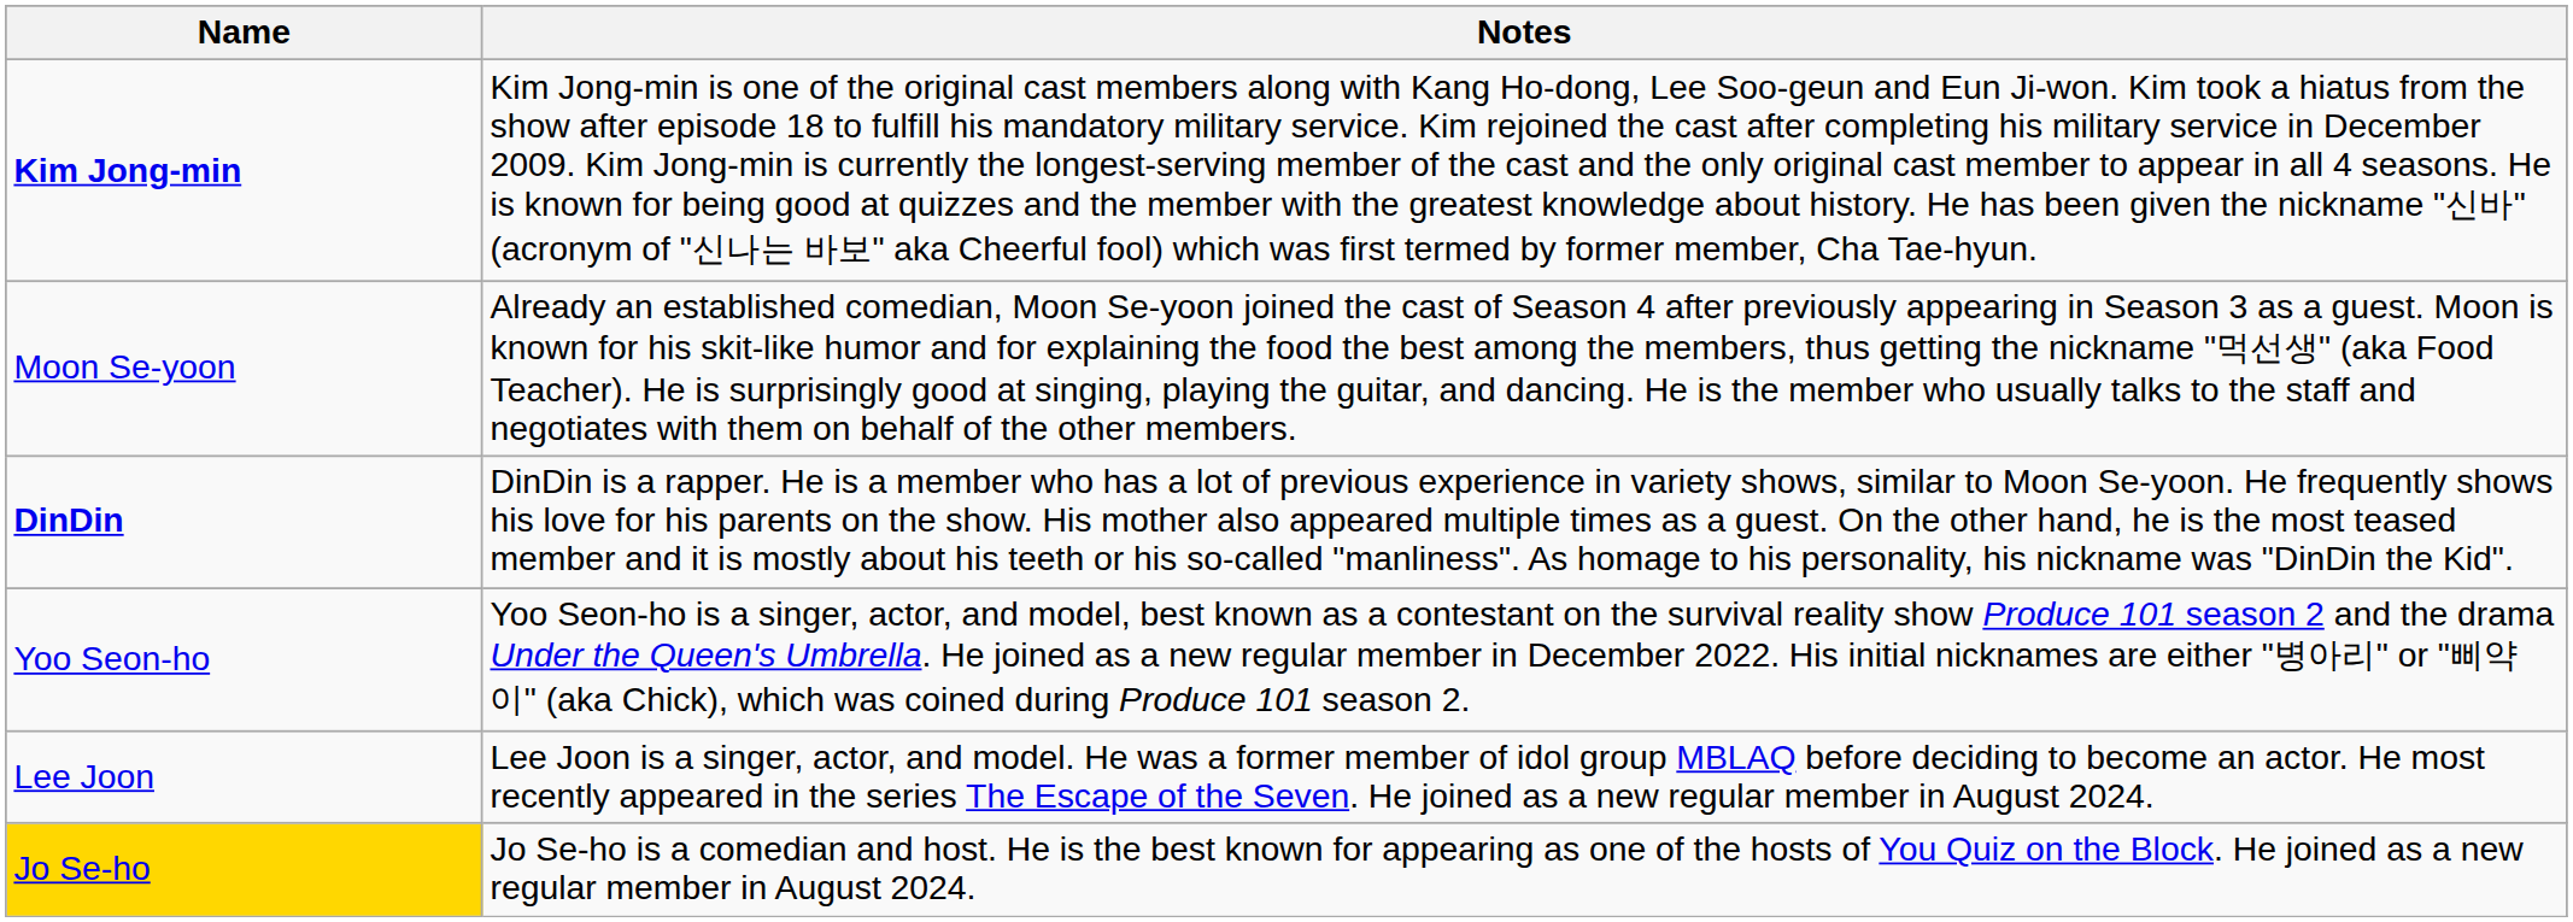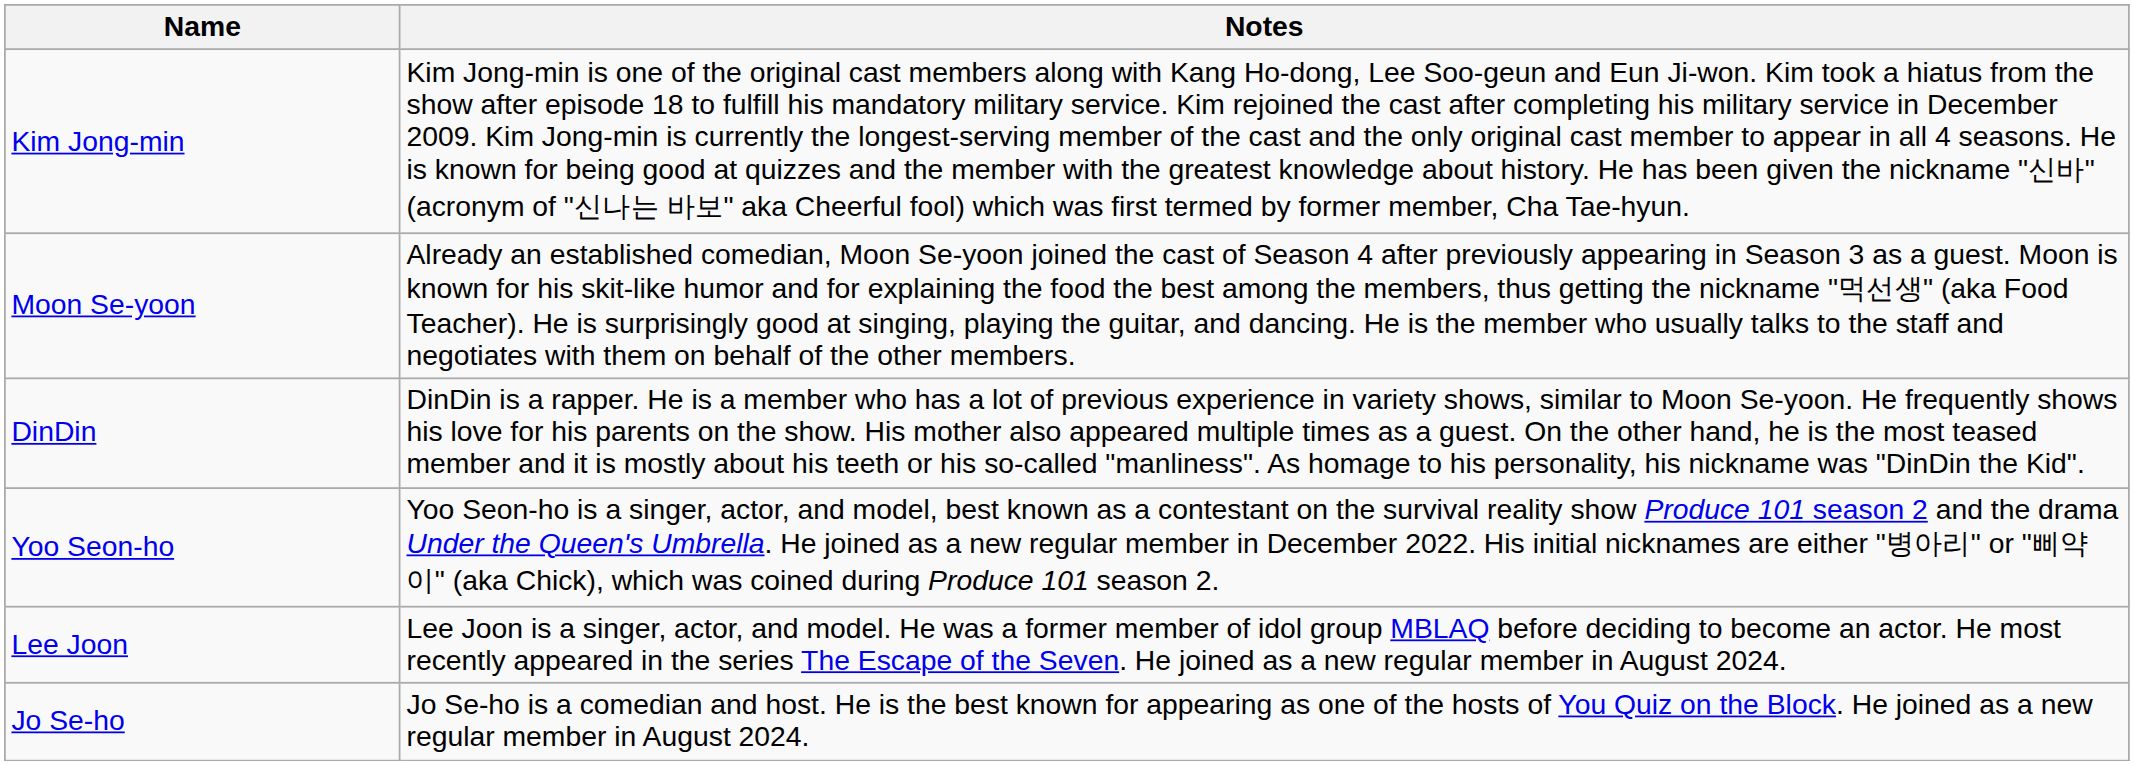 <table class="wikitable sortable" style="width:95%;">
 <tr>
 <th style="width:16%;">Name</th>
 <th style="width:70%;">Notes</th>
 </tr>
 <tr>
-<td scope="row"><strong><a href='#'>Kim Jong-min</a></strong></td>
+<td scope="row"><a href='#'>Kim Jong-min</a></td>
 <td>Kim Jong-min is one of the original cast members along with Kang Ho-dong, Lee Soo-geun and Eun Ji-won. Kim took a hiatus from the show after episode 18 to fulfill his mandatory military service. Kim rejoined the cast after completing his military service in December 2009. Kim Jong-min is currently the longest-serving member of the cast and the only original cast member to appear in all 4 seasons. He is known for being good at quizzes and the member with the greatest knowledge about history. He has been given the nickname "신바" (acronym of "신나는 바보" aka Cheerful fool) which was first termed by former member, Cha Tae-hyun.</td>
 </tr>
 <tr>
 <td scope="row"><a href='#'>Moon Se-yoon</a></td>
 <td>Already an established comedian, Moon Se-yoon joined the cast of Season 4 after previously appearing in Season 3 as a guest. Moon is known for his skit-like humor and for explaining the food the best among the members, thus getting the nickname "먹선생" (aka Food Teacher). He is surprisingly good at singing, playing the guitar, and dancing. He is the member who usually talks to the staff and negotiates with them on behalf of the other members.</td>
 </tr>
 <tr>
-<td scope="row"><strong><a href='#'>DinDin</a></strong></td>
+<td scope="row"><a href='#'>DinDin</a></td>
 <td>DinDin is a rapper. He is a member who has a lot of previous experience in variety shows, similar to Moon Se-yoon. He frequently shows his love for his parents on the show. His mother also appeared multiple times as a guest. On the other hand, he is the most teased member and it is mostly about his teeth or his so-called "manliness". As homage to his personality, his nickname was "DinDin the Kid".</td>
 </tr>
 <tr>
 <td><a href='#'>Yoo Seon-ho</a></td>
 <td>Yoo Seon-ho is a singer, actor, and model, best known as a contestant on the survival reality show <a href='#'><em>Produce 101</em> season 2</a> and the drama <em><a href='#'>Under the Queen's Umbrella</a></em>. He joined as a new regular member in December 2022. His initial nicknames are either "병아리" or "삐약이" (aka Chick), which was coined during <em>Produce 101</em> season 2.</td>
 </tr>
 <tr>
 <td><a href='#'>Lee Joon</a></td>
 <td>Lee Joon is a singer, actor, and model. He was a former member of idol group <a href='#'>MBLAQ</a> before deciding to become an actor. He most recently appeared in the series <a href='#'>The Escape of the Seven</a>. He joined as a new regular member in August 2024.</td>
 </tr>
 <tr>
-<td style="background: gold;"><a href='#'>Jo Se-ho</a></td>
+<td><a href='#'>Jo Se-ho</a></td>
 <td>Jo Se-ho is a comedian and host. He is the best known for appearing as one of the hosts of <a href='#'>You Quiz on the Block</a>. He joined as a new regular member in August 2024.</td>
 </tr>
 </table>
